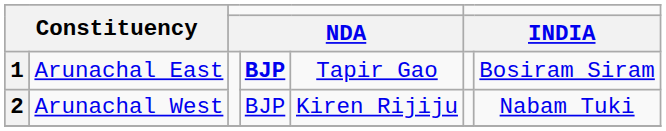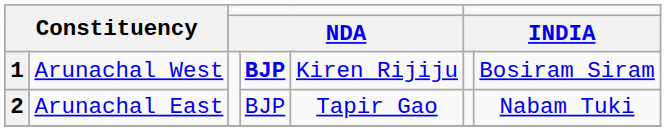 <table class="wikitable sortable" style="text-align:center;">
 <tr>
 <th colspan="2" rowspan="2">Constituency</th>
 <td colspan="3"></td>
 <td colspan="3"></td>
 </tr>
 <tr>
 <th colspan="3"><a href='#'>NDA</a></th>
 <th colspan="3"><a href='#'>INDIA</a></th>
 </tr>
 <tr>
 <th>1</th>
-<td><a href='#'>Arunachal East</a></td>
+<td><a href='#'>Arunachal West</a></td>
 <td rowspan="2" bgcolor=></td>
 <td><strong><a href='#'>BJP</a></strong></td>
-<td><a href='#'>Tapir Gao</a></td>
+<td><a href='#'>Kiren Rijiju</a></td>
 <td></td>
 <td><a href='#'>Bosiram Siram</a></td>
 </tr>
 <tr>
 <th>2</th>
-<td><a href='#'>Arunachal West</a></td>
+<td><a href='#'>Arunachal East</a></td>
 <td><a href='#'>BJP</a></td>
-<td><a href='#'>Kiren Rijiju</a></td>
+<td><a href='#'>Tapir Gao</a></td>
 <td></td>
 <td><a href='#'>Nabam Tuki</a></td>
 </tr>
 <tr>
 </tr>
 </table>
